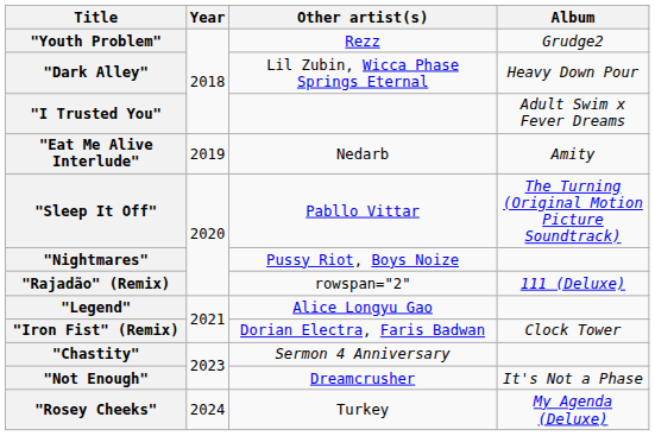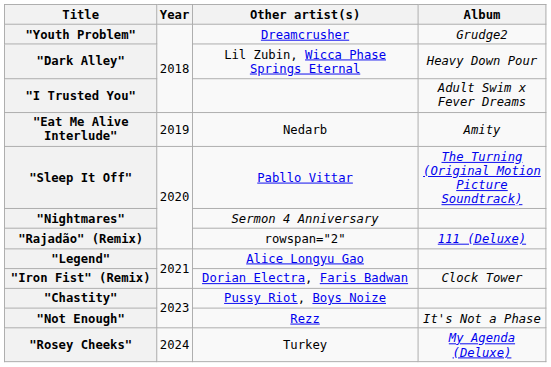 <table class="wikitable plainrowheaders" style="text-align:center">
 <tr>
 <th scope="col" style="width:12em;">Title</th>
 <th scope="col">Year</th>
 <th scope="col" style="width:18em;">Other artist(s)</th>
 <th scope="col" style="width:10em;">Album</th>
 </tr>
 <tr>
 <th scope="row">"Youth Problem"</th>
 <td rowspan="3">2018</td>
-<td><a href='#'>Rezz</a></td>
+<td><a href='#'>Dreamcrusher</a></td>
 <td><em>Grudge2</em></td>
 </tr>
 <tr>
 <th scope="row">"Dark Alley"</th>
 <td>Lil Zubin, <a href='#'>Wicca Phase Springs Eternal</a></td>
 <td><em>Heavy Down Pour</em></td>
 </tr>
 <tr>
 <th scope="row">"I Trusted You" </th>
 <td></td>
 <td><em>Adult Swim x Fever Dreams</em></td>
 </tr>
 <tr>
 <th scope="row">"Eat Me Alive Interlude"</th>
 <td>2019</td>
 <td>Nedarb</td>
 <td><em>Amity</em></td>
 </tr>
 <tr>
 <th scope="row">"Sleep It Off"</th>
 <td rowspan="3">2020</td>
 <td><a href='#'>Pabllo Vittar</a></td>
 <td><em><a href='#'>The Turning (Original Motion Picture Soundtrack)</a></em></td>
 </tr>
 <tr>
 <th scope="row">"Nightmares"</th>
-<td><a href='#'>Pussy Riot</a>, <a href='#'>Boys Noize</a></td>
+<td><em>Sermon 4 Anniversary</em></td>
 </tr>
 <tr>
 <th scope="row">"Rajadão" (Remix)</th>
 <td>rowspan="2" </td>
 <td><em><a href='#'>111 (Deluxe)</a></em></td>
 </tr>
 <tr>
 <th scope="row">"Legend"</th>
 <td rowspan="2">2021</td>
 <td><a href='#'>Alice Longyu Gao</a></td>
 <td></td>
 </tr>
 <tr>
 <th scope="row">"Iron Fist" (Remix)</th>
 <td><a href='#'>Dorian Electra</a>, <a href='#'>Faris Badwan</a></td>
 <td><em>Clock Tower</em></td>
 </tr>
 <tr>
 <th scope="row">"Chastity" </th>
 <td rowspan="2">2023</td>
-<td><em>Sermon 4 Anniversary</em></td>
+<td><a href='#'>Pussy Riot</a>, <a href='#'>Boys Noize</a></td>
 <td></td>
 </tr>
 <tr>
 <th scope="row">"Not Enough"</th>
-<td><a href='#'>Dreamcrusher</a></td>
+<td><a href='#'>Rezz</a></td>
 <td><em>It's Not a Phase</em></td>
 </tr>
 <tr>
 <th scope="row">"Rosey Cheeks"</th>
 <td>2024</td>
 <td>Turkey</td>
 <td><em><a href='#'>My Agenda (Deluxe)</a></em></td>
 </tr>
 </table>
